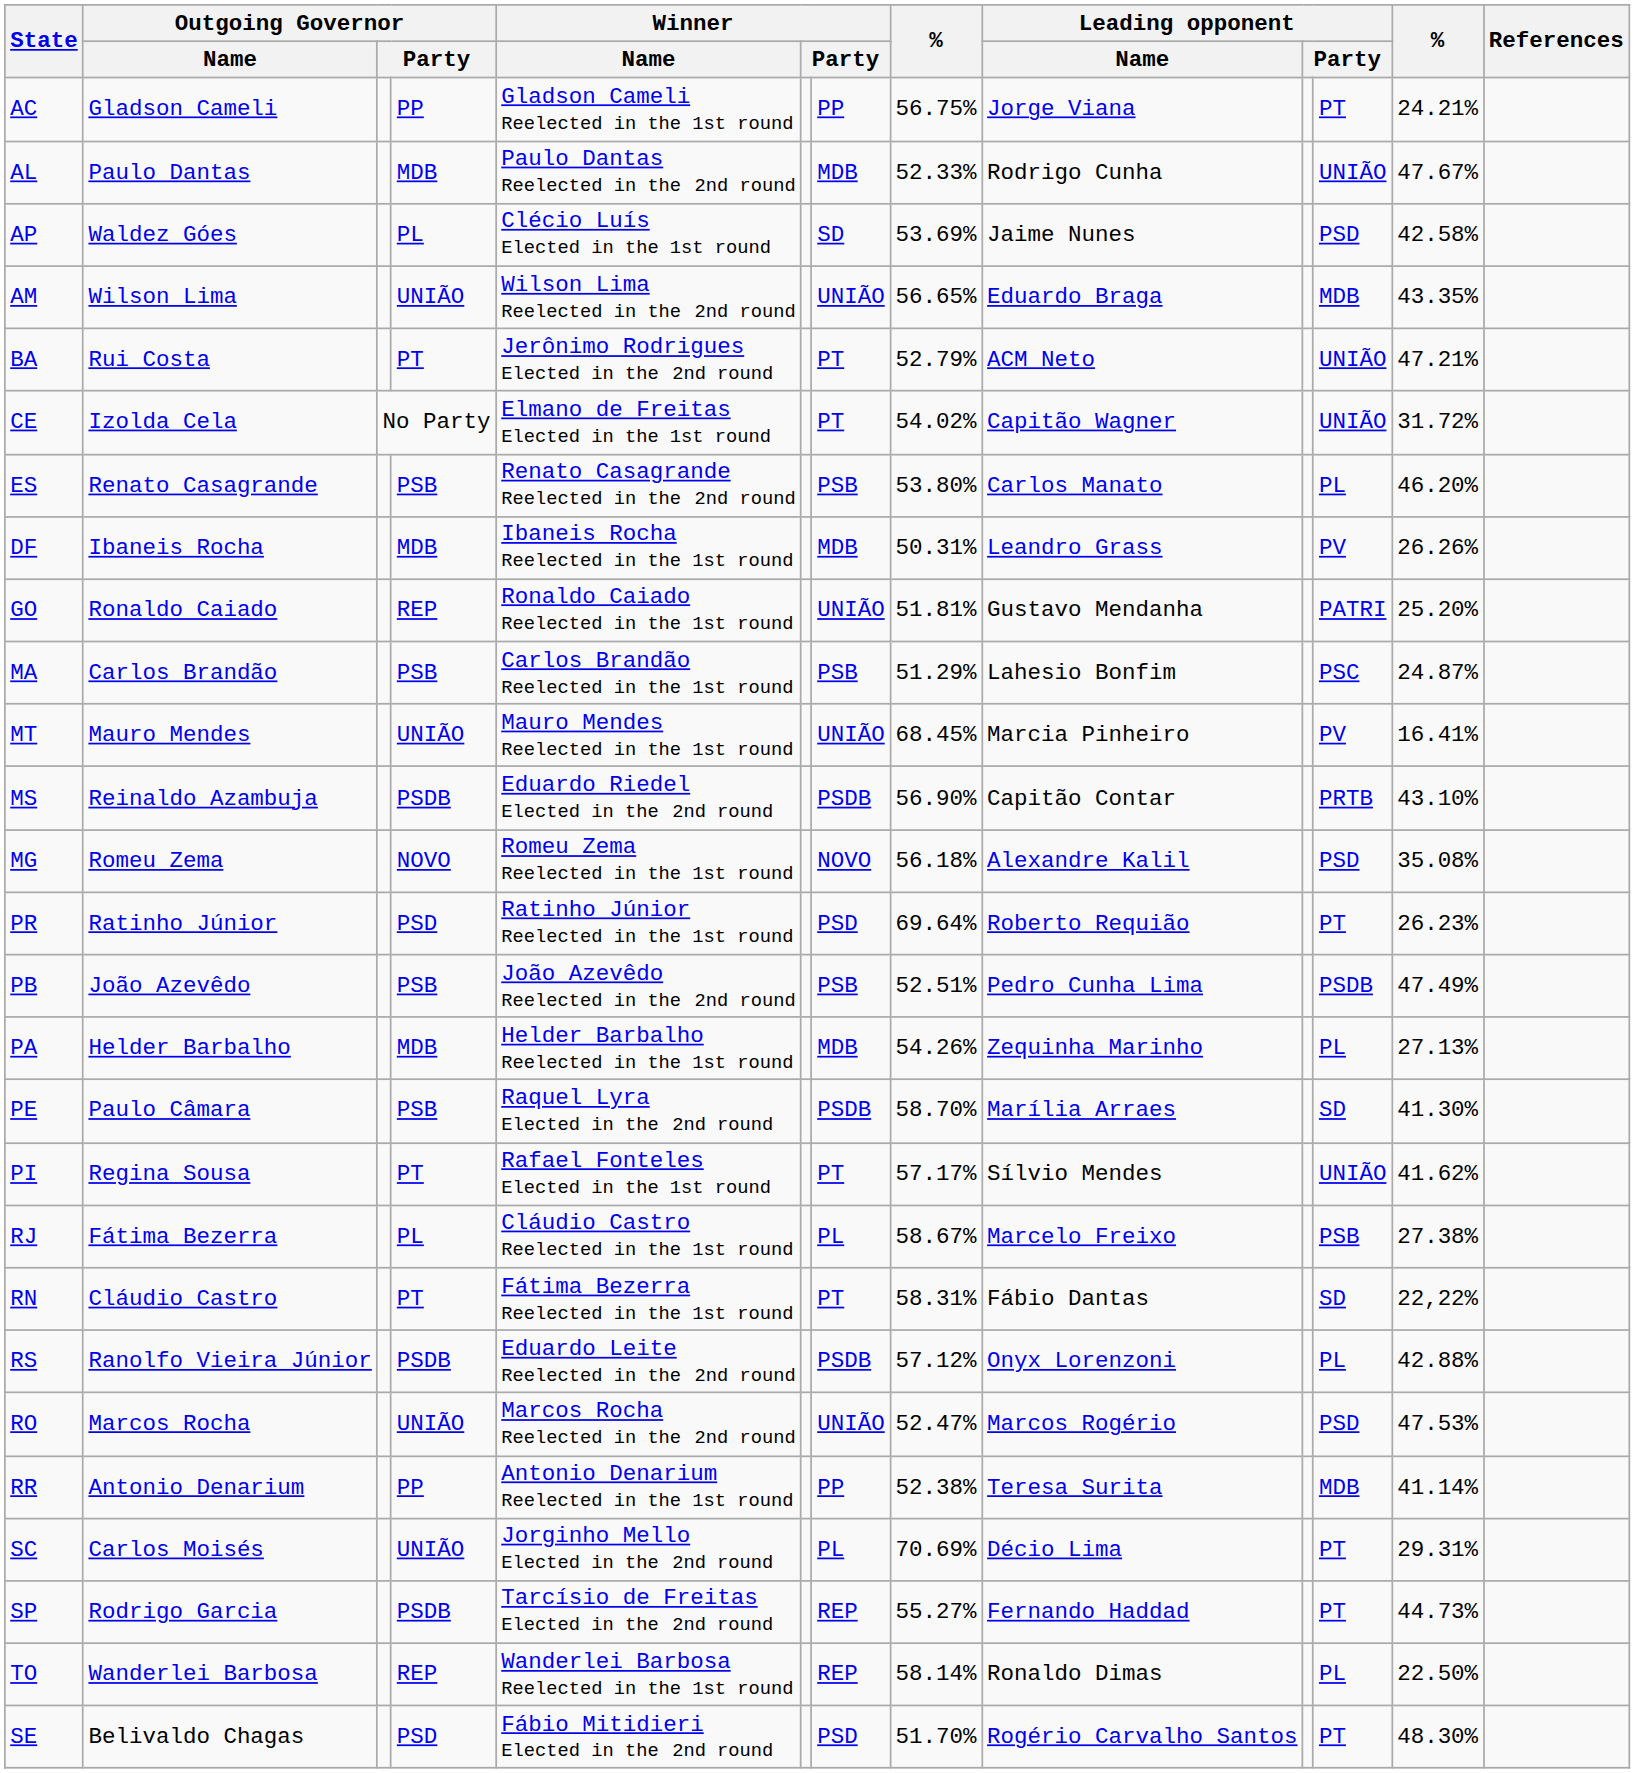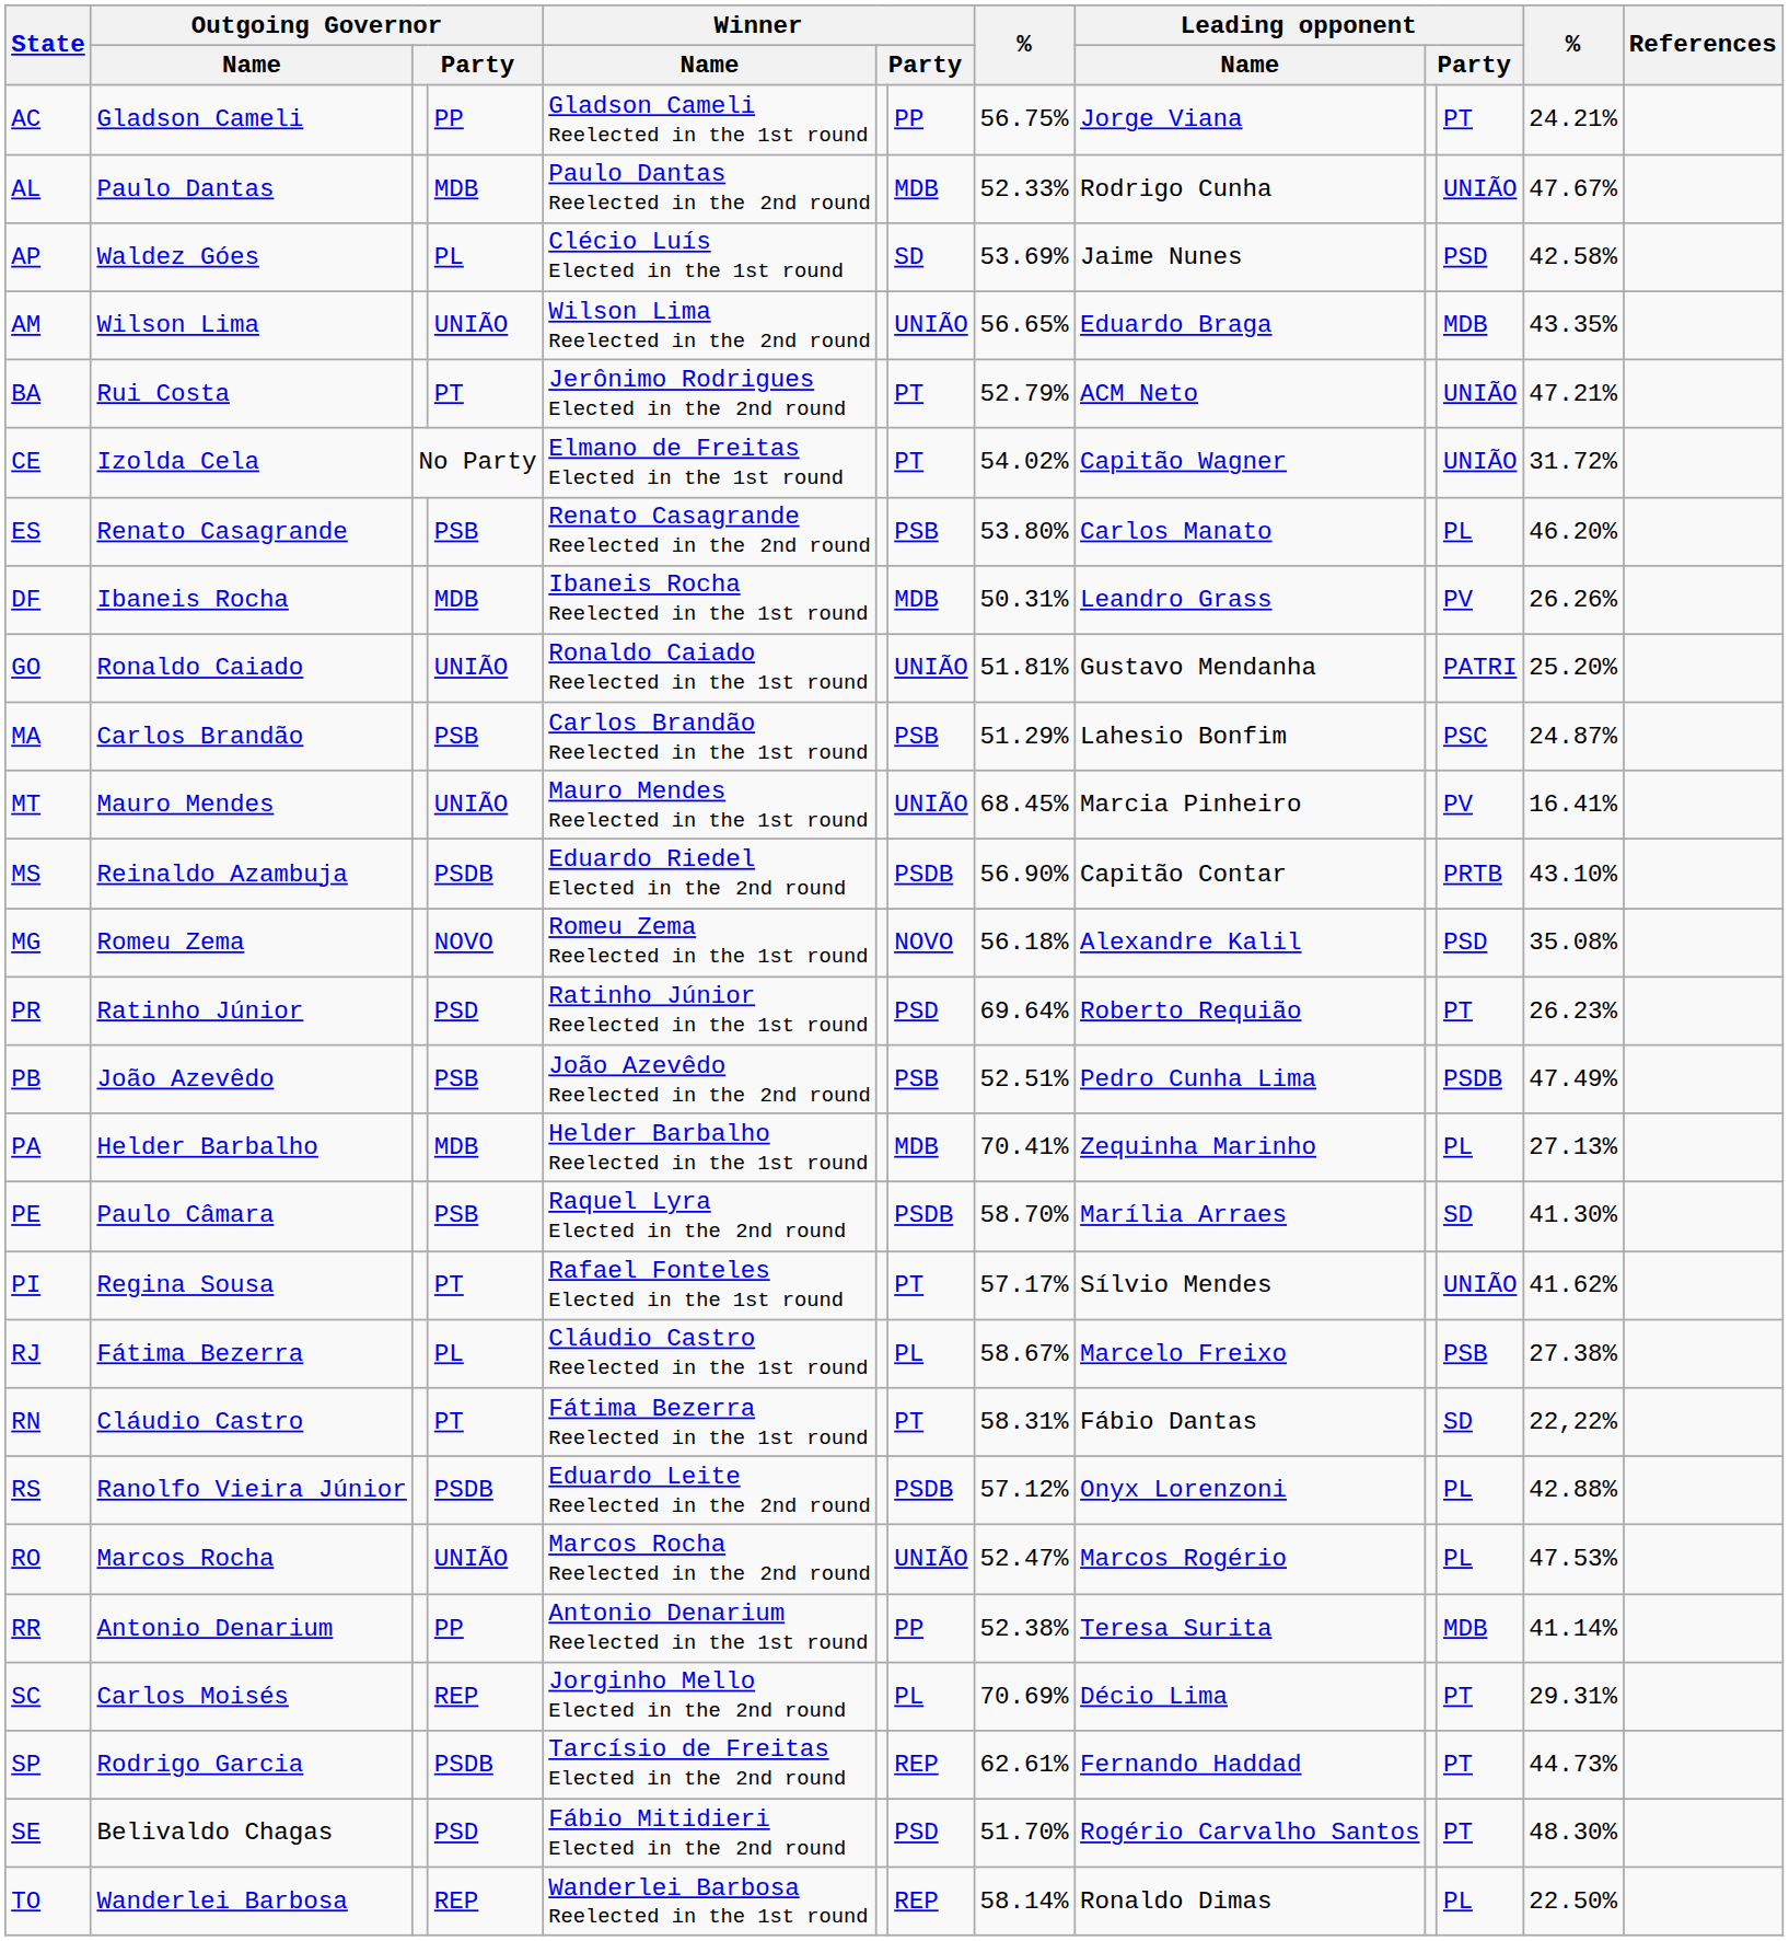 <table class="wikitable sortable">
 <tr>
 <th rowspan="2"><a href='#'>State</a></th>
 <th colspan="3">Outgoing Governor</th>
 <th colspan="3">Winner</th>
 <th rowspan="2">%</th>
 <th colspan="3">Leading opponent</th>
 <th rowspan="2">%</th>
 <th rowspan="2">References</th>
 </tr>
 <tr>
 <th>Name</th>
 <th colspan="2">Party</th>
 <th>Name</th>
 <th colspan="2">Party</th>
 <th>Name</th>
 <th colspan="2">Party</th>
 </tr>
 <tr>
 <td><a href='#'>AC</a></td>
 <td><a href='#'>Gladson Cameli</a></td>
 <td style="background-color:"></td>
 <td><a href='#'>PP</a></td>
 <td><a href='#'>Gladson Cameli</a><br><small>Reelected in the 1st round</small></td>
 <td style="background-color:"></td>
 <td><a href='#'>PP</a></td>
 <td>56.75%</td>
 <td><a href='#'>Jorge Viana</a></td>
 <td style="background-color:"></td>
 <td><a href='#'>PT</a></td>
 <td>24.21%</td>
 <td></td>
 </tr>
 <tr>
 <td><a href='#'>AL</a></td>
 <td><a href='#'>Paulo Dantas</a></td>
 <td style="background-color:"></td>
 <td><a href='#'>MDB</a></td>
 <td><a href='#'>Paulo Dantas</a><br><small>Reelected in the</small> <small>2nd round</small></td>
 <td style="background-color:"></td>
 <td><a href='#'>MDB</a></td>
 <td>52.33%</td>
 <td>Rodrigo Cunha</td>
 <td style="background-color:"></td>
 <td><a href='#'>UNIÃO</a></td>
 <td>47.67%</td>
 <td></td>
 </tr>
 <tr>
 <td><a href='#'>AP</a></td>
 <td><a href='#'>Waldez Góes</a></td>
 <td style="background-color:"></td>
 <td><a href='#'>PL</a></td>
 <td><a href='#'>Clécio Luís</a><br><small>Elected in the 1st round</small></td>
 <td style="background-color:"></td>
 <td><a href='#'>SD</a></td>
 <td>53.69%</td>
 <td>Jaime Nunes</td>
 <td style="background-color:"></td>
 <td><a href='#'>PSD</a></td>
 <td>42.58%</td>
 <td></td>
 </tr>
 <tr>
 <td><a href='#'>AM</a></td>
 <td><a href='#'>Wilson Lima</a></td>
 <td style="background-color:"></td>
 <td><a href='#'>UNIÃO</a></td>
 <td><a href='#'>Wilson Lima</a><br><small>Reelected in the</small> <small>2nd round</small></td>
 <td style="background-color:"></td>
 <td><a href='#'>UNIÃO</a></td>
 <td>56.65%</td>
 <td><a href='#'>Eduardo Braga</a></td>
 <td style="background-color:"></td>
 <td><a href='#'>MDB</a></td>
 <td>43.35%</td>
 <td></td>
 </tr>
 <tr>
 <td><a href='#'>BA</a></td>
 <td><a href='#'>Rui Costa</a></td>
 <td style="background-color:"></td>
 <td><a href='#'>PT</a></td>
 <td><a href='#'>Jerônimo Rodrigues</a><br><small>Elected in the</small> <small>2nd round</small></td>
 <td style="background-color:"></td>
 <td><a href='#'>PT</a></td>
 <td>52.79%</td>
 <td><a href='#'>ACM Neto</a></td>
 <td style="background-color:"></td>
 <td><a href='#'>UNIÃO</a></td>
 <td>47.21%</td>
 <td></td>
 </tr>
 <tr>
 <td><a href='#'>CE</a></td>
 <td><a href='#'>Izolda Cela</a></td>
 <td colspan="2">No Party</td>
 <td><a href='#'>Elmano de Freitas</a><br><small>Elected in the 1st round</small></td>
 <td style="background-color:"></td>
 <td><a href='#'>PT</a></td>
 <td>54.02%</td>
 <td><a href='#'>Capitão Wagner</a></td>
 <td style="background-color:"></td>
 <td><a href='#'>UNIÃO</a></td>
 <td>31.72%</td>
 <td></td>
 </tr>
 <tr>
 <td><a href='#'>ES</a></td>
 <td><a href='#'>Renato Casagrande</a></td>
 <td style="background-color:"></td>
 <td><a href='#'>PSB</a></td>
 <td><a href='#'>Renato Casagrande</a><br><small>Reelected in the</small> <small>2nd round</small></td>
 <td style="background-color:"></td>
 <td><a href='#'>PSB</a></td>
 <td>53.80%</td>
 <td><a href='#'>Carlos Manato</a></td>
 <td style="background-color:"></td>
 <td><a href='#'>PL</a></td>
 <td>46.20%</td>
 <td></td>
 </tr>
 <tr>
 <td><a href='#'>DF</a></td>
 <td><a href='#'>Ibaneis Rocha</a></td>
 <td style="background-color:"></td>
 <td><a href='#'>MDB</a></td>
 <td><a href='#'>Ibaneis Rocha</a><br><small>Reelected in the 1st round</small></td>
 <td style="background-color:"></td>
 <td><a href='#'>MDB</a></td>
 <td>50.31%</td>
 <td><a href='#'>Leandro Grass</a></td>
 <td style="background-color:"></td>
 <td><a href='#'>PV</a></td>
 <td>26.26%</td>
 <td></td>
 </tr>
 <tr>
 <td><a href='#'>GO</a></td>
 <td><a href='#'>Ronaldo Caiado</a></td>
 <td style="background-color:"></td>
-<td><a href='#'>REP</a></td>
+<td><a href='#'>UNIÃO</a></td>
 <td><a href='#'>Ronaldo Caiado</a><br><small>Reelected in the 1st round</small></td>
 <td style="background-color:"></td>
 <td><a href='#'>UNIÃO</a></td>
 <td>51.81%</td>
 <td>Gustavo Mendanha</td>
 <td style="background-color:"></td>
 <td><a href='#'>PATRI</a></td>
 <td>25.20%</td>
 <td></td>
 </tr>
 <tr>
 <td><a href='#'>MA</a></td>
 <td><a href='#'>Carlos Brandão</a></td>
 <td style="background-color:"></td>
 <td><a href='#'>PSB</a></td>
 <td><a href='#'>Carlos Brandão</a><br><small>Reelected in the 1st round</small></td>
 <td style="background-color:"></td>
 <td><a href='#'>PSB</a></td>
 <td>51.29%</td>
 <td>Lahesio Bonfim</td>
 <td style="background-color:"></td>
 <td><a href='#'>PSC</a></td>
 <td>24.87%</td>
 <td></td>
 </tr>
 <tr>
 <td><a href='#'>MT</a></td>
 <td><a href='#'>Mauro Mendes</a></td>
 <td style="background-color:"></td>
 <td><a href='#'>UNIÃO</a></td>
 <td><a href='#'>Mauro Mendes</a><br><small>Reelected in the 1st round</small></td>
 <td style="background-color:"></td>
 <td><a href='#'>UNIÃO</a></td>
 <td>68.45%</td>
 <td>Marcia Pinheiro</td>
 <td style="background-color:"></td>
 <td><a href='#'>PV</a></td>
 <td>16.41%</td>
 <td></td>
 </tr>
 <tr>
 <td><a href='#'>MS</a></td>
 <td><a href='#'>Reinaldo Azambuja</a></td>
 <td style="background-color:"></td>
 <td><a href='#'>PSDB</a></td>
 <td><a href='#'>Eduardo Riedel</a><br><small>Elected in the</small> <small>2nd round</small></td>
 <td style="background-color:"></td>
 <td><a href='#'>PSDB</a></td>
 <td>56.90%</td>
 <td>Capitão Contar</td>
 <td style="background-color:"></td>
 <td><a href='#'>PRTB</a></td>
 <td>43.10%</td>
 <td></td>
 </tr>
 <tr>
 <td><a href='#'>MG</a></td>
 <td><a href='#'>Romeu Zema</a></td>
 <td style="background-color:"></td>
 <td><a href='#'>NOVO</a></td>
 <td><a href='#'>Romeu Zema</a><br><small>Reelected in the 1st round</small></td>
 <td style="background-color:"></td>
 <td><a href='#'>NOVO</a></td>
 <td>56.18%</td>
 <td><a href='#'>Alexandre Kalil</a></td>
 <td style="background-color:"></td>
 <td><a href='#'>PSD</a></td>
 <td>35.08%</td>
 <td></td>
 </tr>
 <tr>
 <td><a href='#'>PR</a></td>
 <td><a href='#'>Ratinho Júnior</a></td>
 <td style="background-color:"></td>
 <td><a href='#'>PSD</a></td>
 <td><a href='#'>Ratinho Júnior</a><br><small>Reelected in the 1st round</small></td>
 <td style="background-color:"></td>
 <td><a href='#'>PSD</a></td>
 <td>69.64%</td>
 <td><a href='#'>Roberto Requião</a></td>
 <td style="background-color:"></td>
 <td><a href='#'>PT</a></td>
 <td>26.23%</td>
 <td></td>
 </tr>
 <tr>
 <td><a href='#'>PB</a></td>
 <td><a href='#'>João Azevêdo</a></td>
 <td style="background-color:"></td>
 <td><a href='#'>PSB</a></td>
 <td><a href='#'>João Azevêdo</a><br><small>Reelected in the</small> <small>2nd round</small></td>
 <td style="background-color:"></td>
 <td><a href='#'>PSB</a></td>
 <td>52.51%</td>
 <td><a href='#'>Pedro Cunha Lima</a></td>
 <td style="background-color:"></td>
 <td><a href='#'>PSDB</a></td>
 <td>47.49%</td>
 <td></td>
 </tr>
 <tr>
 <td><a href='#'>PA</a></td>
 <td><a href='#'>Helder Barbalho</a></td>
 <td style="background-color:"></td>
 <td><a href='#'>MDB</a></td>
 <td><a href='#'>Helder Barbalho</a><br><small>Reelected in the 1st round</small></td>
 <td style="background-color:"></td>
 <td><a href='#'>MDB</a></td>
-<td>54.26%</td>
+<td>70.41%</td>
 <td><a href='#'>Zequinha Marinho</a></td>
 <td style="background-color:"></td>
 <td><a href='#'>PL</a></td>
 <td>27.13%</td>
 <td></td>
 </tr>
 <tr>
 <td><a href='#'>PE</a></td>
 <td><a href='#'>Paulo Câmara</a></td>
 <td style="background-color:"></td>
 <td><a href='#'>PSB</a></td>
 <td><a href='#'>Raquel Lyra</a><br><small>Elected in the</small> <small>2nd round</small></td>
 <td style="background-color:"></td>
 <td><a href='#'>PSDB</a></td>
 <td>58.70%</td>
 <td><a href='#'>Marília Arraes</a></td>
 <td style="background-color:"></td>
 <td><a href='#'>SD</a></td>
 <td>41.30%</td>
 <td></td>
 </tr>
 <tr>
 <td><a href='#'>PI</a></td>
 <td><a href='#'>Regina Sousa</a></td>
 <td style="background-color:"></td>
 <td><a href='#'>PT</a></td>
 <td><a href='#'>Rafael Fonteles</a><br><small>Elected in the 1st round</small></td>
 <td style="background-color:"></td>
 <td><a href='#'>PT</a></td>
 <td>57.17%</td>
 <td>Sílvio Mendes</td>
 <td style="background-color:"></td>
 <td><a href='#'>UNIÃO</a></td>
 <td>41.62%</td>
 <td></td>
 </tr>
 <tr>
 <td><a href='#'>RJ</a></td>
 <td><a href='#'>Fátima Bezerra</a></td>
 <td style="background-color:"></td>
 <td><a href='#'>PL</a></td>
 <td><a href='#'>Cláudio Castro</a><br><small>Reelected in the 1st round</small></td>
 <td style="background-color:"></td>
 <td><a href='#'>PL</a></td>
 <td>58.67%</td>
 <td><a href='#'>Marcelo Freixo</a></td>
 <td style="background-color:"></td>
 <td><a href='#'>PSB</a></td>
 <td>27.38%</td>
 <td></td>
 </tr>
 <tr>
 <td><a href='#'>RN</a></td>
 <td><a href='#'>Cláudio Castro</a></td>
 <td style="background-color:"></td>
 <td><a href='#'>PT</a></td>
 <td><a href='#'>Fátima Bezerra</a><br><small>Reelected in the 1st round</small></td>
 <td style="background-color:"></td>
 <td><a href='#'>PT</a></td>
 <td>58.31%</td>
 <td>Fábio Dantas</td>
 <td style="background-color:"></td>
 <td><a href='#'>SD</a></td>
 <td>22,22%</td>
 <td></td>
 </tr>
 <tr>
 <td><a href='#'>RS</a></td>
 <td><a href='#'>Ranolfo Vieira Júnior</a></td>
 <td style="background-color:"></td>
 <td><a href='#'>PSDB</a></td>
 <td><a href='#'>Eduardo Leite</a><br><small>Reelected in the</small> <small>2nd round</small></td>
 <td style="background-color:"></td>
 <td><a href='#'>PSDB</a></td>
 <td>57.12%</td>
 <td><a href='#'>Onyx Lorenzoni</a></td>
 <td style="background-color:"></td>
 <td><a href='#'>PL</a></td>
 <td>42.88%</td>
 <td></td>
 </tr>
 <tr>
 <td><a href='#'>RO</a></td>
 <td><a href='#'>Marcos Rocha</a></td>
 <td style="background-color:"></td>
 <td><a href='#'>UNIÃO</a></td>
 <td><a href='#'>Marcos Rocha</a><br><small>Reelected in the</small> <small>2nd round</small></td>
 <td style="background-color:"></td>
 <td><a href='#'>UNIÃO</a></td>
 <td>52.47%</td>
 <td><a href='#'>Marcos Rogério</a></td>
 <td style="background-color:"></td>
-<td><a href='#'>PSD</a></td>
+<td><a href='#'>PL</a></td>
 <td>47.53%</td>
 <td></td>
 </tr>
 <tr>
 <td><a href='#'>RR</a></td>
 <td><a href='#'>Antonio Denarium</a></td>
 <td style="background-color:"></td>
 <td><a href='#'>PP</a></td>
 <td><a href='#'>Antonio Denarium</a><br><small>Reelected in the 1st round</small></td>
 <td style="background-color:"></td>
 <td><a href='#'>PP</a></td>
 <td>52.38%</td>
 <td><a href='#'>Teresa Surita</a></td>
 <td style="background-color:"></td>
 <td><a href='#'>MDB</a></td>
 <td>41.14%</td>
 <td></td>
 </tr>
 <tr>
 <td><a href='#'>SC</a></td>
 <td><a href='#'>Carlos Moisés</a></td>
 <td style="background-color:"></td>
-<td><a href='#'>UNIÃO</a></td>
+<td><a href='#'>REP</a></td>
 <td><a href='#'>Jorginho Mello</a><br><small>Elected in the</small> <small>2nd round</small></td>
 <td style="background-color:"></td>
 <td><a href='#'>PL</a></td>
 <td>70.69%</td>
 <td><a href='#'>Décio Lima</a></td>
 <td style="background-color:"></td>
 <td><a href='#'>PT</a></td>
 <td>29.31%</td>
 <td></td>
 </tr>
 <tr>
 <td><a href='#'>SP</a></td>
 <td><a href='#'>Rodrigo Garcia</a></td>
 <td style="background-color:"></td>
 <td><a href='#'>PSDB</a></td>
 <td><a href='#'>Tarcísio de Freitas</a><br><small>Elected in the</small> <small>2nd round</small></td>
 <td style="background-color:"></td>
 <td><a href='#'>REP</a></td>
-<td>55.27%</td>
+<td>62.61%</td>
 <td><a href='#'>Fernando Haddad</a></td>
 <td style="background-color:"></td>
 <td><a href='#'>PT</a></td>
 <td>44.73%</td>
+<td></td>
+</tr>
+<tr>
+<td><a href='#'>SE</a></td>
+<td>Belivaldo Chagas</td>
+<td style="background-color:"></td>
+<td><a href='#'>PSD</a></td>
+<td><a href='#'>Fábio Mitidieri</a><br><small>Elected in the</small> <small>2nd round</small></td>
+<td style="background-color:"></td>
+<td><a href='#'>PSD</a></td>
+<td>51.70%</td>
+<td><a href='#'>Rogério Carvalho Santos</a></td>
+<td style="background-color:"></td>
+<td><a href='#'>PT</a></td>
+<td>48.30%</td>
 <td></td>
 </tr>
 <tr>
 <td><a href='#'>TO</a></td>
 <td><a href='#'>Wanderlei Barbosa</a></td>
 <td style="background-color:"></td>
 <td><a href='#'>REP</a></td>
 <td><a href='#'>Wanderlei Barbosa</a><br><small>Reelected in the 1st round</small></td>
 <td style="background-color:"></td>
 <td><a href='#'>REP</a></td>
 <td>58.14%</td>
 <td>Ronaldo Dimas</td>
 <td style="background-color:"></td>
 <td><a href='#'>PL</a></td>
 <td>22.50%</td>
 <td></td>
 </tr>
-<tr>
-<td><a href='#'>SE</a></td>
-<td>Belivaldo Chagas</td>
-<td style="background-color:"></td>
-<td><a href='#'>PSD</a></td>
-<td><a href='#'>Fábio Mitidieri</a><br><small>Elected in the</small> <small>2nd round</small></td>
-<td style="background-color:"></td>
-<td><a href='#'>PSD</a></td>
-<td>51.70%</td>
-<td><a href='#'>Rogério Carvalho Santos</a></td>
-<td style="background-color:"></td>
-<td><a href='#'>PT</a></td>
-<td>48.30%</td>
-<td></td>
-</tr>
 </table>
